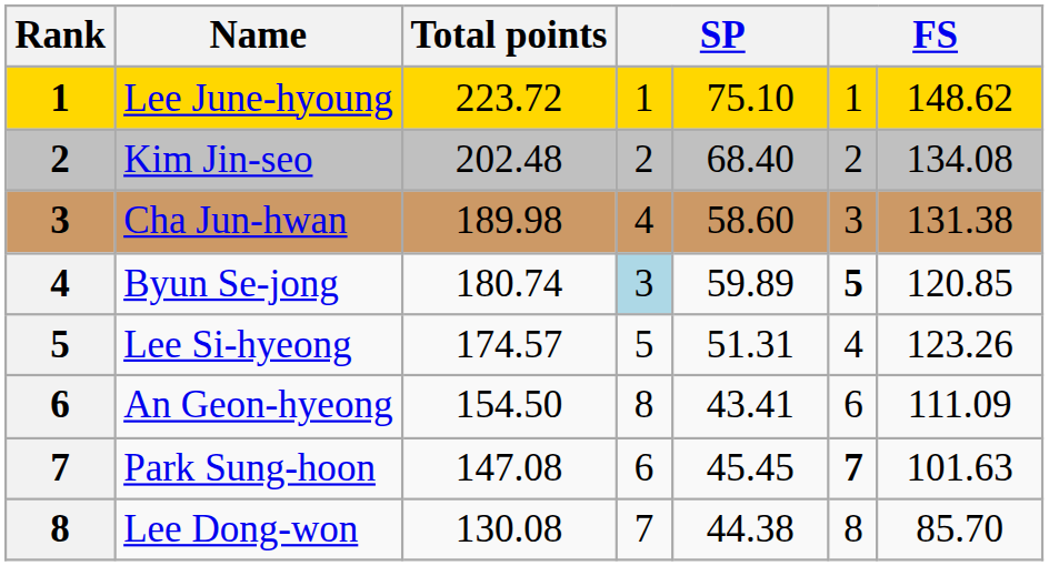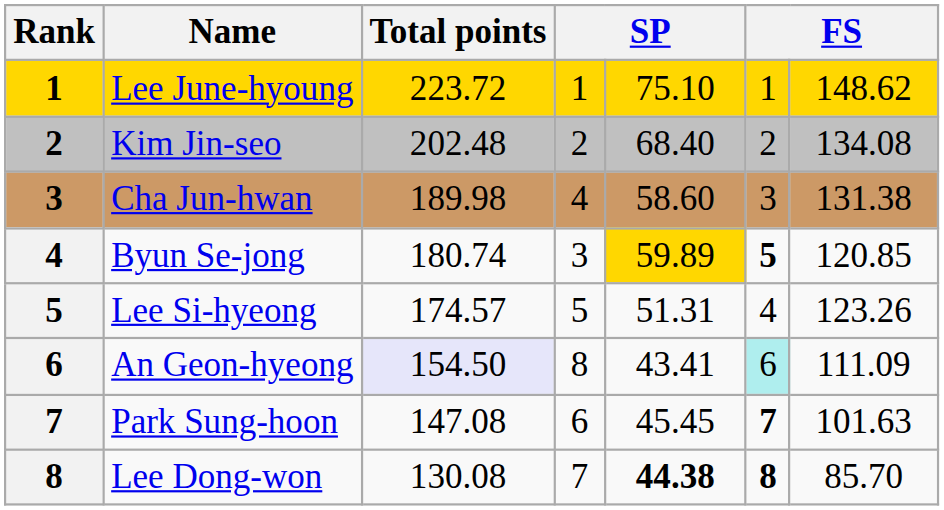 <table class="wikitable sortable">
 <tr>
 <th>Rank</th>
 <th>Name</th>
 <th>Total points</th>
 <th colspan="2" width="80px"><a href='#'>SP</a></th>
 <th colspan="2" width="80px"><a href='#'>FS</a></th>
 </tr>
 <tr bgcolor="gold">
 <td align="center"><strong>1</strong></td>
 <td><a href='#'>Lee June-hyoung</a></td>
 <td align="center">223.72</td>
 <td align="center">1</td>
 <td align="center">75.10</td>
 <td align="center">1</td>
 <td align="center">148.62</td>
 </tr>
 <tr bgcolor="silver">
 <td align="center"><strong>2</strong></td>
 <td><a href='#'>Kim Jin-seo</a></td>
 <td align="center">202.48</td>
 <td align="center">2</td>
 <td align="center">68.40</td>
 <td align="center">2</td>
 <td align="center">134.08</td>
 </tr>
 <tr bgcolor="cc9966">
 <td align="center"><strong>3</strong></td>
 <td><a href='#'>Cha Jun-hwan</a></td>
 <td align="center">189.98</td>
 <td align="center">4</td>
 <td align="center">58.60</td>
 <td align="center">3</td>
 <td align="center">131.38</td>
 </tr>
 <tr>
 <th>4</th>
 <td><a href='#'>Byun Se-jong</a></td>
 <td align="center">180.74</td>
-<td align="center" style="background: lightblue;">3</td>
-<td align="center">59.89</td>
+<td align="center">3</td>
+<td align="center" style="background: gold;">59.89</td>
 <td align="center"><strong>5</strong></td>
 <td align="center">120.85</td>
 </tr>
 <tr>
 <th>5</th>
 <td><a href='#'>Lee Si-hyeong</a></td>
 <td align="center">174.57</td>
 <td align="center">5</td>
 <td align="center">51.31</td>
 <td align="center">4</td>
 <td align="center">123.26</td>
 </tr>
 <tr>
 <th>6</th>
 <td><a href='#'>An Geon-hyeong</a></td>
-<td align="center">154.50</td>
+<td align="center" style="background: lavender;">154.50</td>
 <td align="center">8</td>
 <td align="center">43.41</td>
-<td align="center">6</td>
+<td align="center" style="background: paleturquoise;">6</td>
 <td align="center">111.09</td>
 </tr>
 <tr>
 <th>7</th>
 <td><a href='#'>Park Sung-hoon</a></td>
 <td align="center">147.08</td>
 <td align="center">6</td>
 <td align="center">45.45</td>
 <td align="center"><strong>7</strong></td>
 <td align="center">101.63</td>
 </tr>
 <tr>
 <th>8</th>
 <td><a href='#'>Lee Dong-won</a></td>
 <td align="center">130.08</td>
 <td align="center">7</td>
-<td align="center">44.38</td>
-<td align="center">8</td>
+<td align="center"><strong>44.38</strong></td>
+<td align="center"><strong>8</strong></td>
 <td align="center">85.70</td>
 </tr>
 </table>
